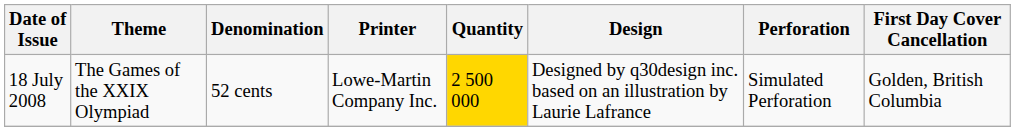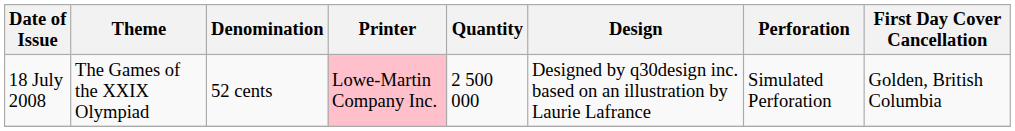 <table class="wikitable sortable">
 <tr>
 <th>Date of Issue</th>
 <th>Theme</th>
 <th>Denomination</th>
 <th>Printer</th>
 <th>Quantity</th>
 <th>Design</th>
 <th>Perforation</th>
 <th>First Day Cover Cancellation</th>
 </tr>
 <tr>
 <td>18 July 2008</td>
 <td>The Games of the XXIX Olympiad </td>
 <td>52 cents</td>
-<td>Lowe-Martin Company Inc.</td>
-<td style="background: gold;">2 500 000</td>
+<td style="background: pink;">Lowe-Martin Company Inc.</td>
+<td>2 500 000</td>
 <td>Designed by q30design inc. based on an illustration by Laurie Lafrance</td>
 <td>Simulated Perforation</td>
 <td>Golden, British Columbia</td>
 </tr>
 <tr>
 </tr>
 </table>
